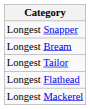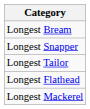 <table class="wikitable" align="center">
 <tr>
 <th>Category</th>
 </tr>
 <tr>
-<td>Longest <a href='#'>Snapper</a></td>
+<td>Longest <a href='#'>Bream</a></td>
 </tr>
 <tr>
-<td>Longest <a href='#'>Bream</a></td>
+<td>Longest <a href='#'>Snapper</a></td>
 </tr>
 <tr>
 <td>Longest <a href='#'>Tailor</a></td>
 </tr>
 <tr>
 <td>Longest <a href='#'>Flathead</a></td>
 </tr>
 <tr>
 <td>Longest <a href='#'>Mackerel</a></td>
 </tr>
 </table>
